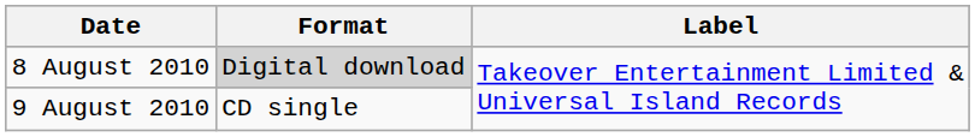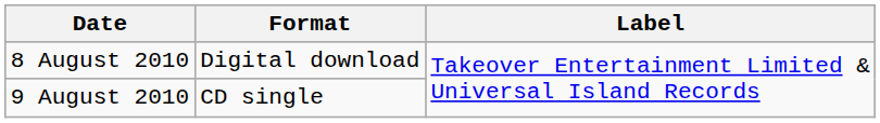 <table class=wikitable>
 <tr>
 <th>Date</th>
 <th>Format</th>
 <th>Label</th>
 </tr>
 <tr>
 <td>8 August 2010</td>
-<td style="background: lightgrey;">Digital download</td>
+<td>Digital download</td>
 <td rowspan="2"><a href='#'>Takeover Entertainment Limited</a> &<br> <a href='#'>Universal Island Records</a></td>
 </tr>
 <tr>
 <td>9 August 2010</td>
 <td>CD single</td>
 </tr>
 </table>
